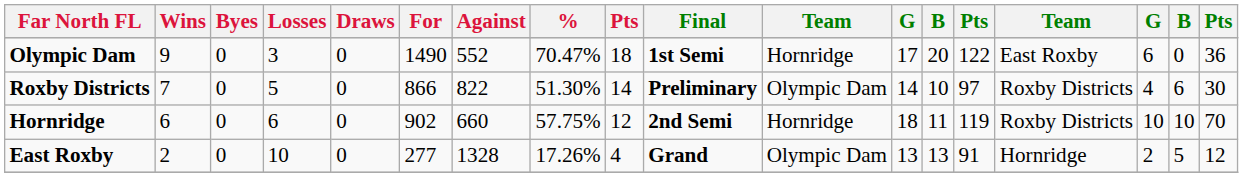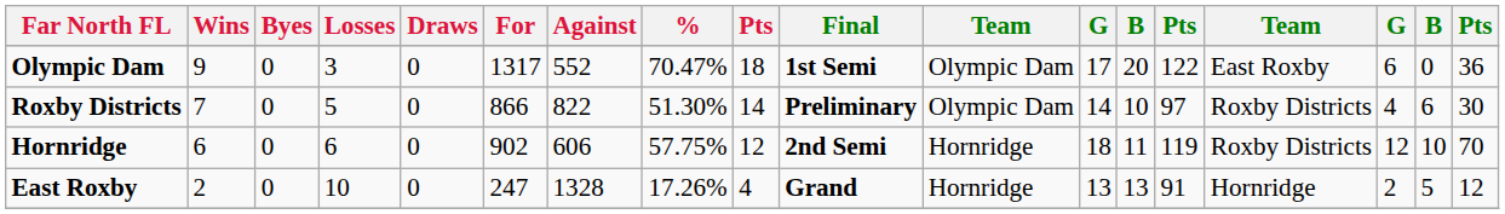 <table class="wikitable">
 <tr>
 <th style="color:crimson">Far North FL</th>
 <th style="color:crimson">Wins</th>
 <th style="color:crimson">Byes</th>
 <th style="color:crimson">Losses</th>
 <th style="color:crimson">Draws</th>
 <th style="color:crimson">For</th>
 <th style="color:crimson">Against</th>
 <th style="color:crimson">%</th>
 <th style="color:crimson">Pts</th>
 <th style="color:green">Final</th>
 <th style="color:green">Team</th>
 <th style="color:green">G</th>
 <th style="color:green">B</th>
 <th style="color:green">Pts</th>
 <th style="color:green">Team</th>
 <th style="color:green">G</th>
 <th style="color:green">B</th>
 <th style="color:green">Pts</th>
 </tr>
 <tr>
 </tr>
 <tr>
 </tr>
 <tr>
 <td><strong>	Olympic Dam	</strong></td>
 <td>9</td>
 <td>0</td>
 <td>3</td>
 <td>0</td>
-<td>1490</td>
+<td>1317</td>
 <td>552</td>
 <td>70.47%</td>
 <td>18</td>
 <td><strong>1st Semi</strong></td>
-<td>Hornridge</td>
+<td>Olympic Dam</td>
 <td>17</td>
 <td>20</td>
 <td>122</td>
 <td>East Roxby</td>
 <td>6</td>
 <td>0</td>
 <td>36</td>
 </tr>
 <tr>
 <td><strong>	Roxby Districts	</strong></td>
 <td>7</td>
 <td>0</td>
 <td>5</td>
 <td>0</td>
 <td>866</td>
 <td>822</td>
 <td>51.30%</td>
 <td>14</td>
 <td><strong>Preliminary</strong></td>
 <td>Olympic Dam</td>
 <td>14</td>
 <td>10</td>
 <td>97</td>
 <td>Roxby Districts</td>
 <td>4</td>
 <td>6</td>
 <td>30</td>
 </tr>
 <tr>
 <td><strong>	Hornridge	</strong></td>
 <td>6</td>
 <td>0</td>
 <td>6</td>
 <td>0</td>
 <td>902</td>
-<td>660</td>
+<td>606</td>
 <td>57.75%</td>
 <td>12</td>
 <td><strong>2nd Semi</strong></td>
 <td>Hornridge</td>
 <td>18</td>
 <td>11</td>
 <td>119</td>
 <td>Roxby Districts</td>
-<td>10</td>
+<td>12</td>
 <td>10</td>
 <td>70</td>
 </tr>
 <tr>
 <td><strong>	East Roxby	</strong></td>
 <td>2</td>
 <td>0</td>
 <td>10</td>
 <td>0</td>
-<td>277</td>
+<td>247</td>
 <td>1328</td>
 <td>17.26%</td>
 <td>4</td>
 <td><strong>Grand</strong></td>
-<td>Olympic Dam</td>
+<td>Hornridge</td>
 <td>13</td>
 <td>13</td>
 <td>91</td>
 <td>Hornridge</td>
 <td>2</td>
 <td>5</td>
 <td>12</td>
 </tr>
 <tr>
 </tr>
 <tr>
 </tr>
 </table>
